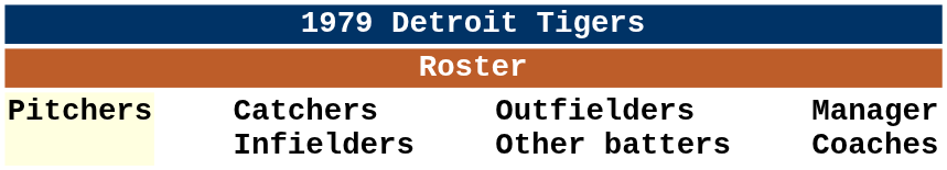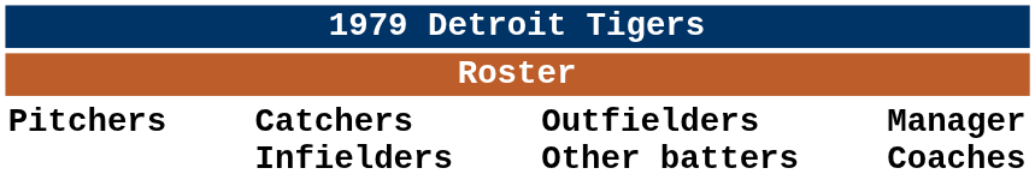 <table class="toccolours" style="font-size: 95%;">
 <tr>
 <th colspan="10" style="background-color: #003366; color: white; text-align: center;">1979 Detroit Tigers</th>
 </tr>
 <tr>
 <td colspan="10" style="background-color: #bd5d29; color: white; text-align: center;"><strong>Roster</strong></td>
 </tr>
 <tr>
-<td valign="top" style="background: lightyellow;"><strong>Pitchers</strong><br>                </td>
+<td valign="top"><strong>Pitchers</strong><br>                </td>
 <td width="25px"></td>
 <td valign="top"><strong>Catchers</strong><br>   <strong>Infielders</strong>          </td>
 <td width="25px"></td>
 <td valign="top"><strong>Outfielders</strong><br>          <strong>Other batters</strong> </td>
 <td width="25px"></td>
 <td valign="top"><strong>Manager</strong><br>   <strong>Coaches</strong>     </td>
 </tr>
 <tr>
 </tr>
 </table>
